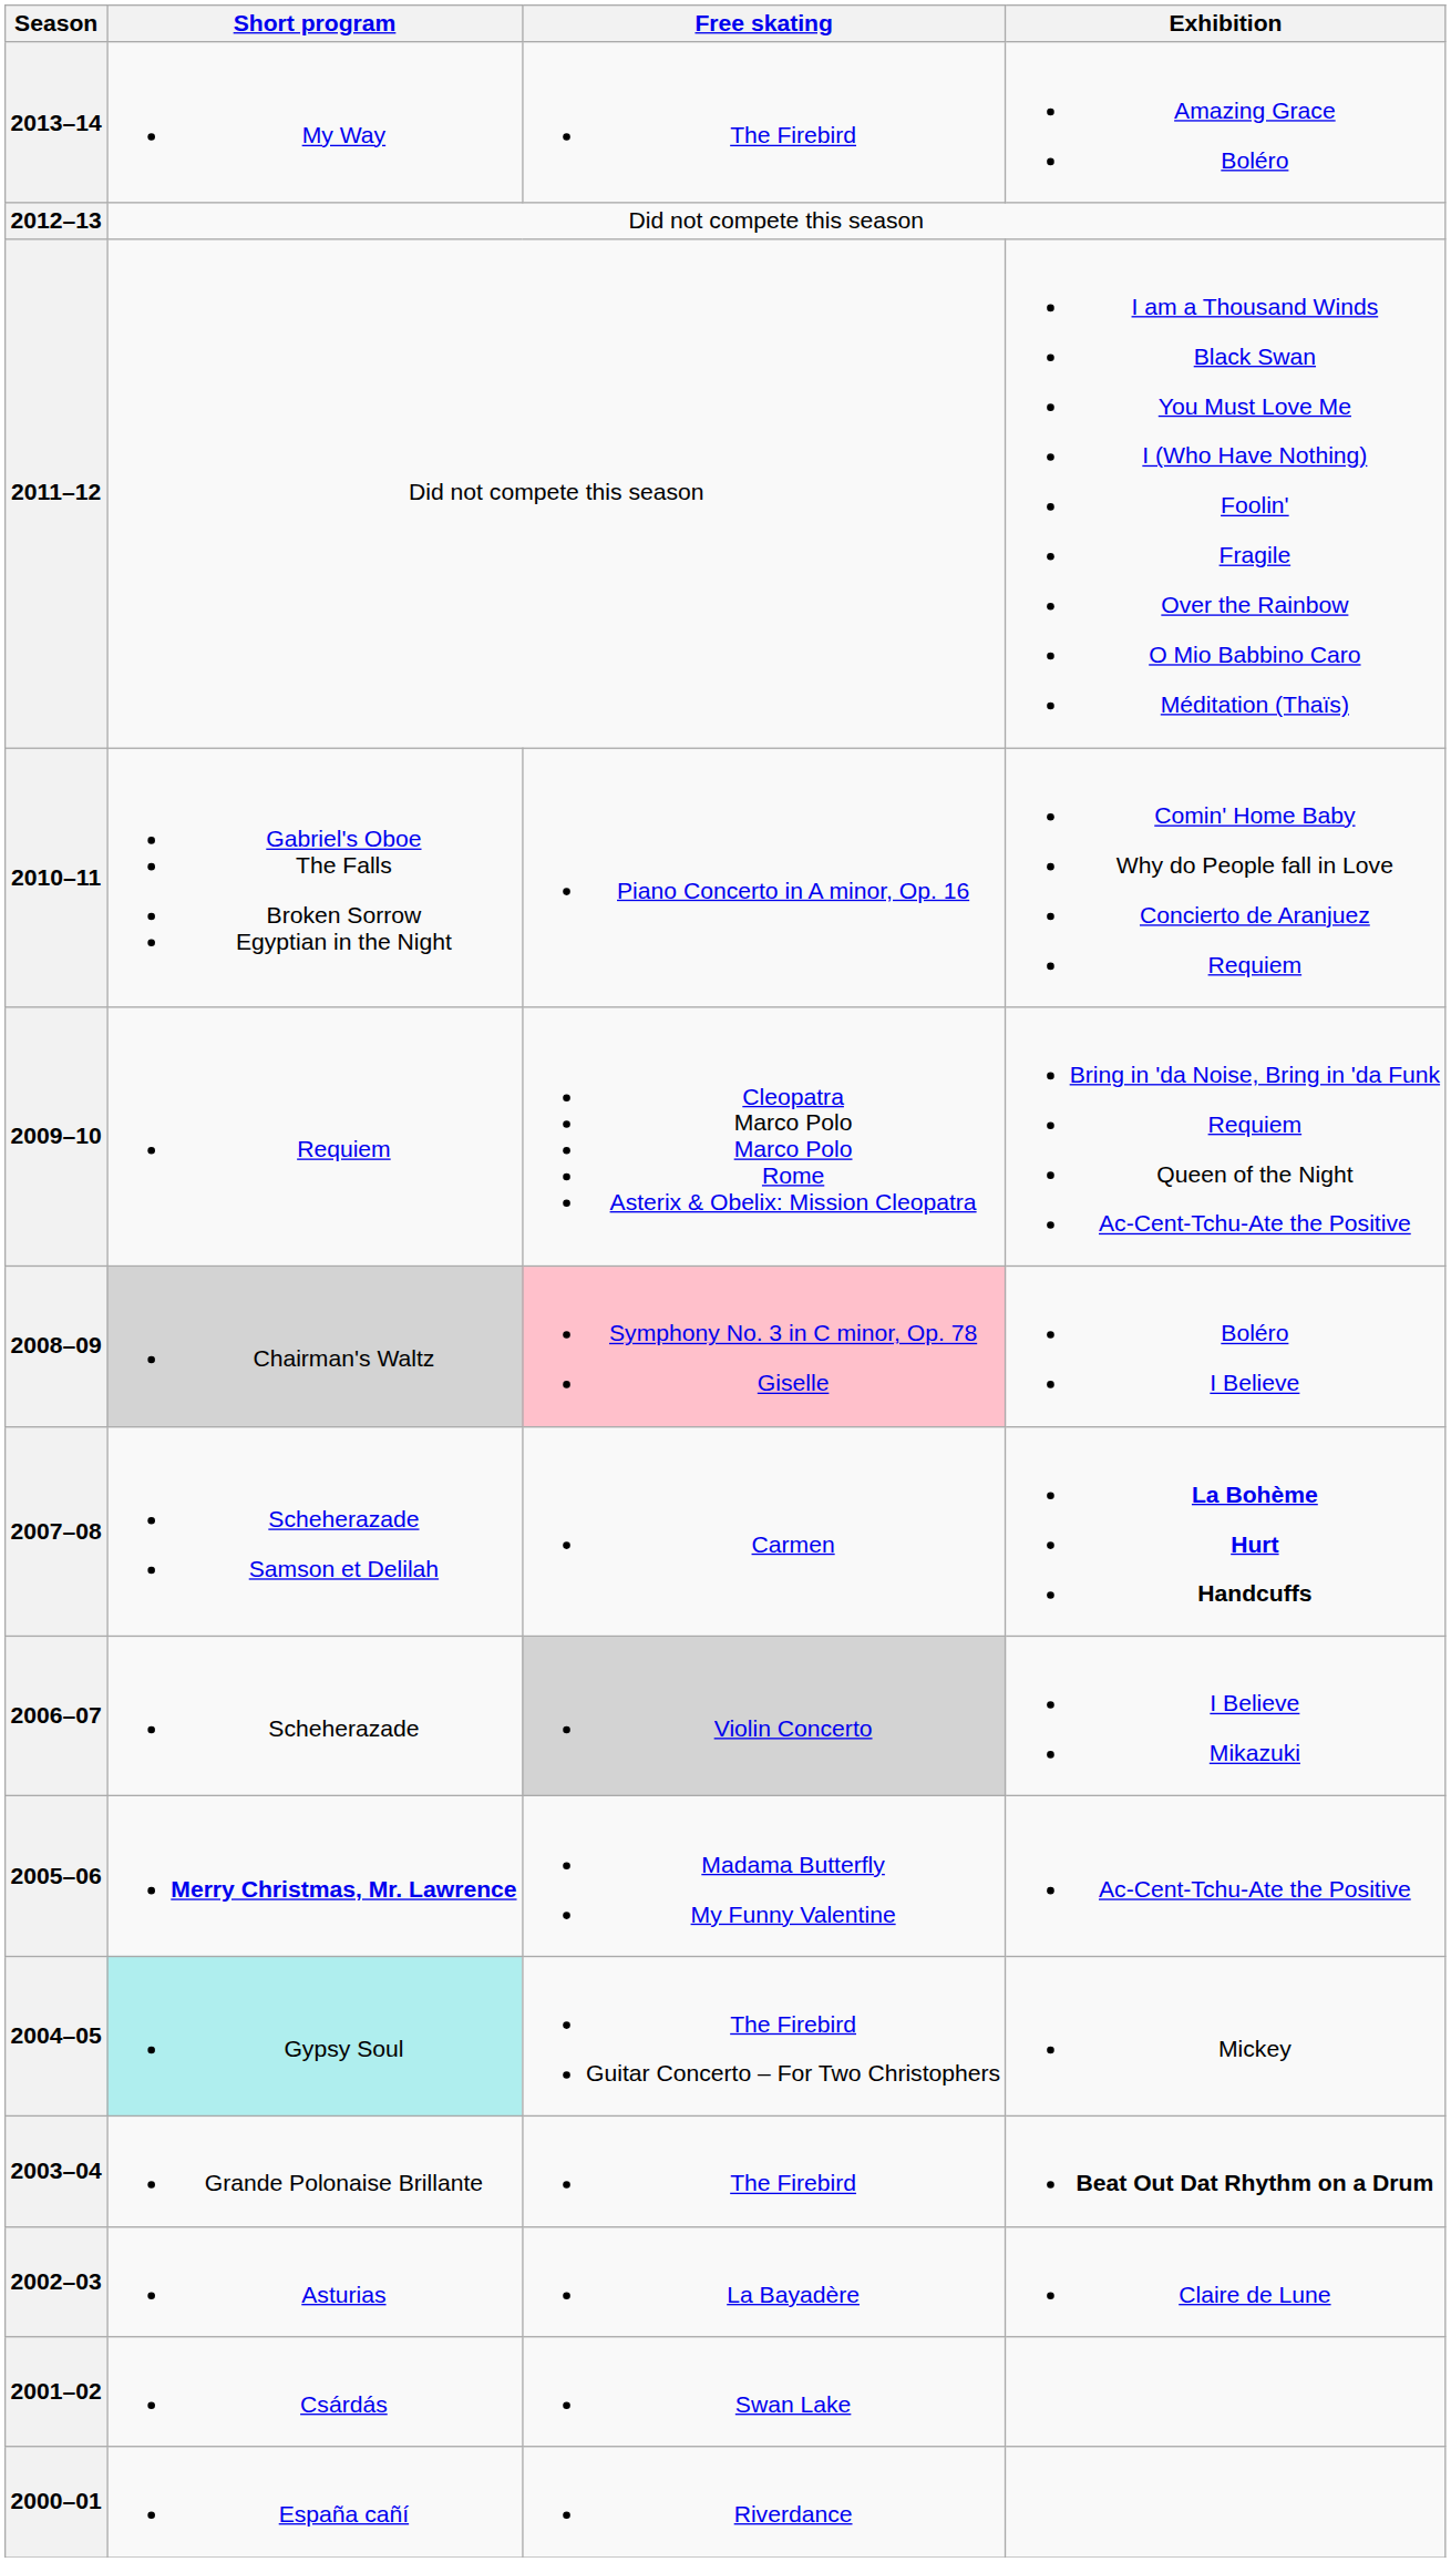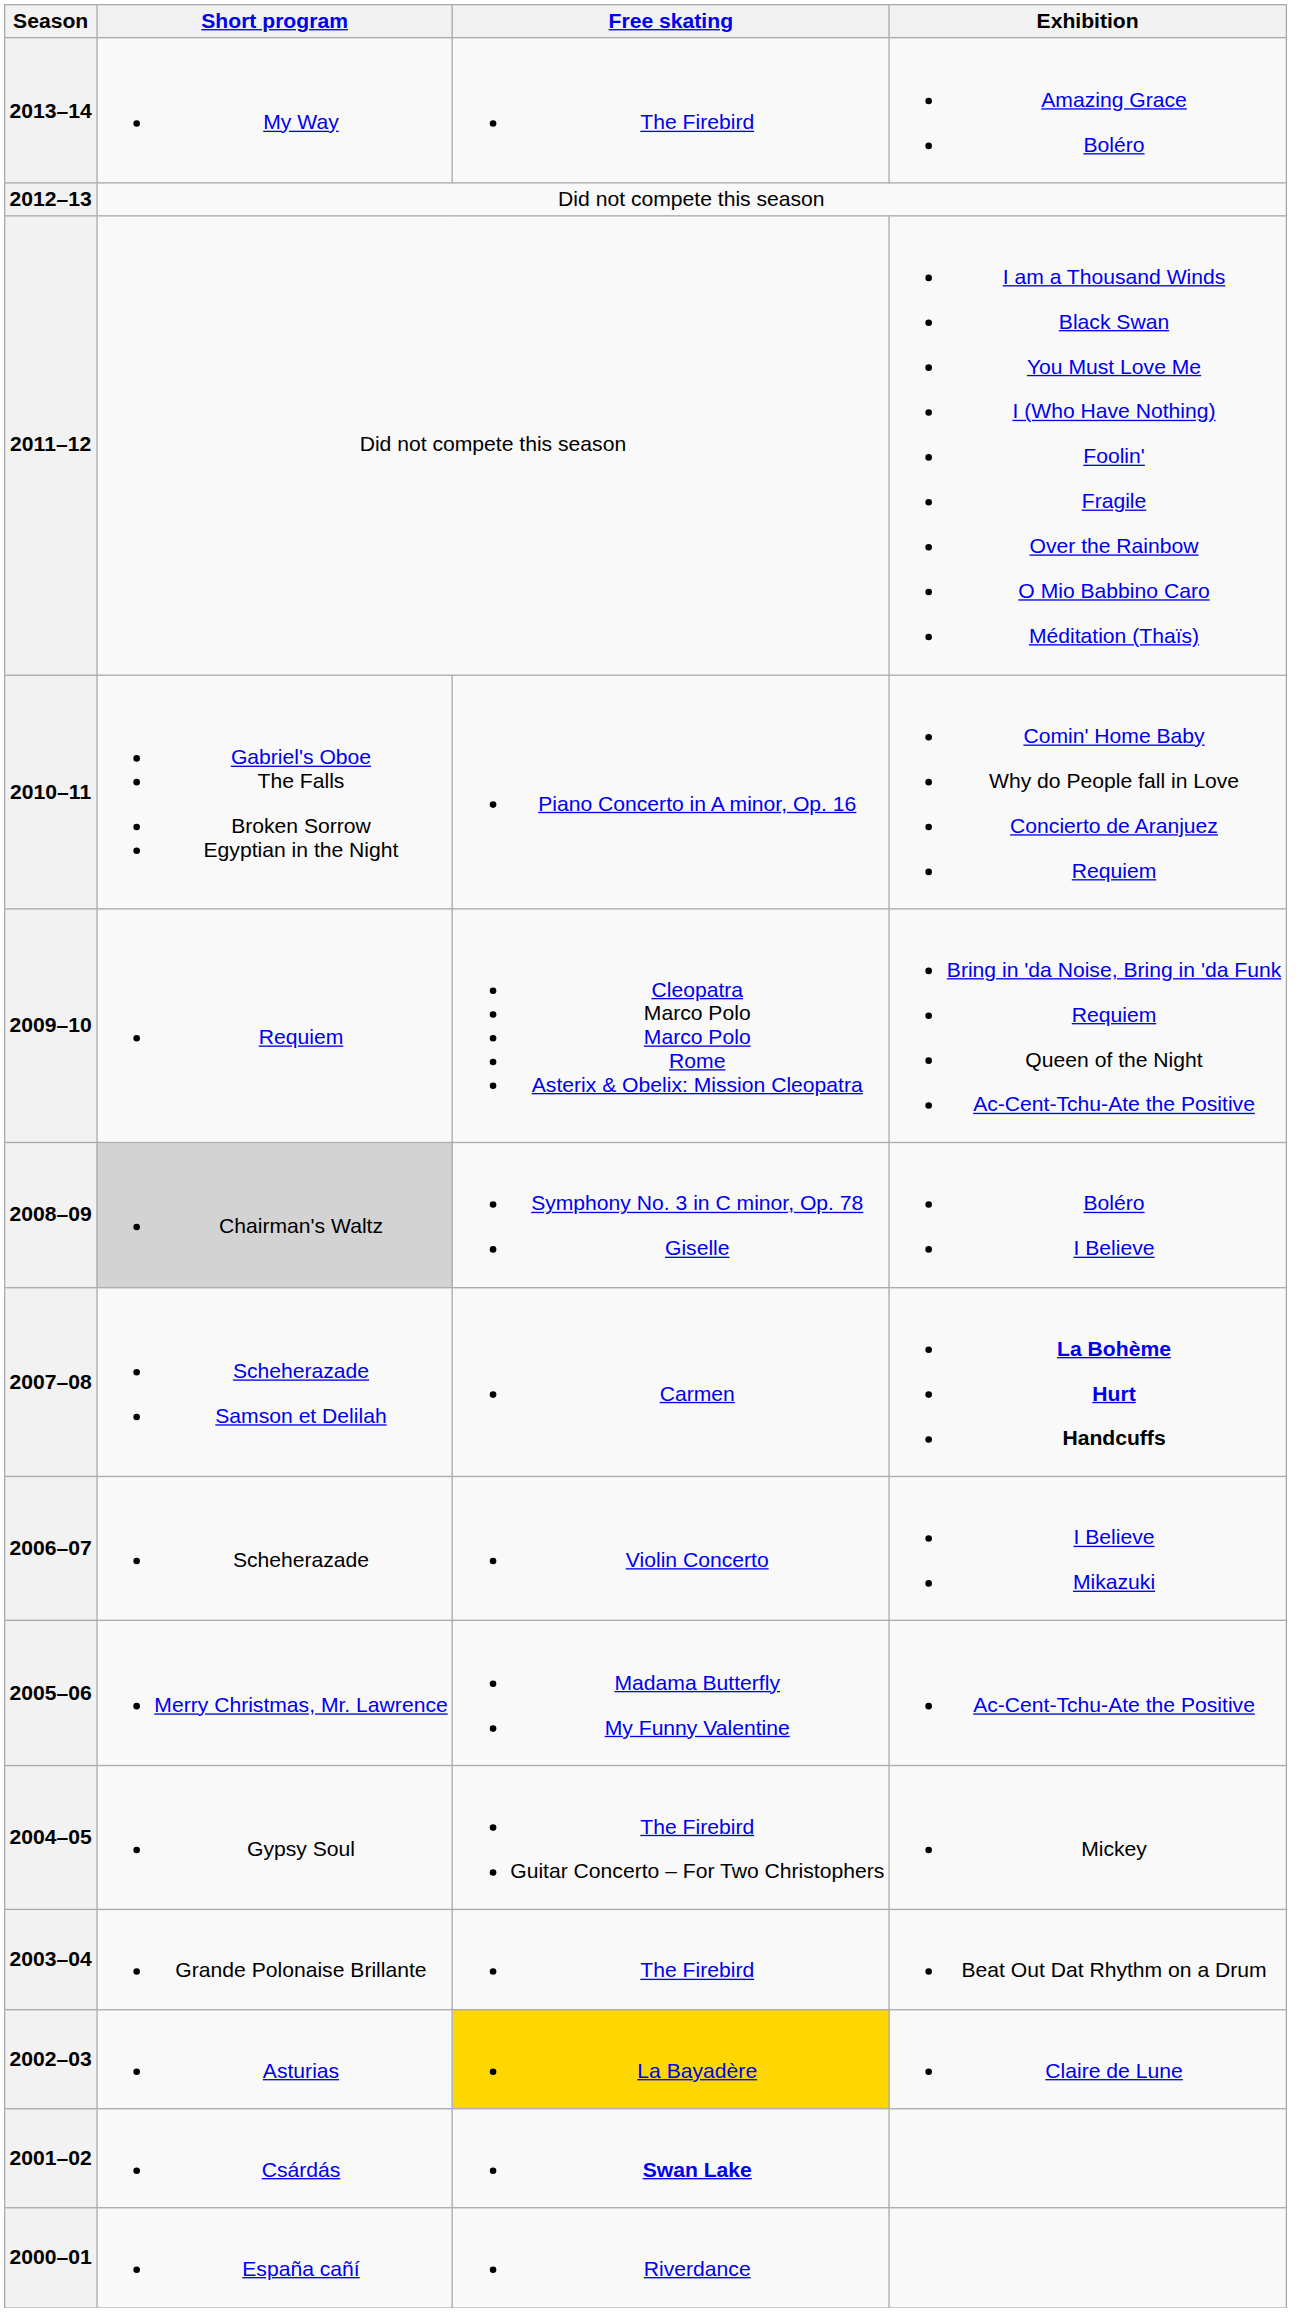 <table class="wikitable" style="text-align:center">
 <tr>
 <th>Season</th>
 <th><a href='#'>Short program</a></th>
 <th><a href='#'>Free skating</a></th>
 <th>Exhibition</th>
 </tr>
 <tr>
 <th>2013–14 <br> </th>
 <td><br><ul><li><a href='#'>My Way</a> <br></li></ul></td>
 <td><br><ul><li><a href='#'>The Firebird</a> <br></li></ul></td>
 <td><br><ul><li><a href='#'>Amazing Grace</a></li></ul><ul><li><a href='#'>Boléro</a> <br></li></ul></td>
 </tr>
 <tr>
 <th>2012–13</th>
 <td colspan=3>Did not compete this season</td>
 </tr>
 <tr>
 <th>2011–12</th>
 <td colspan=2>Did not compete this season</td>
 <td><br><ul><li><a href='#'>I am a Thousand Winds</a> <br></li></ul><ul><li><a href='#'>Black Swan</a> <br></li></ul><ul><li><a href='#'>You Must Love Me</a> <br></li></ul><ul><li><a href='#'>I (Who Have Nothing)</a> <br></li></ul><ul><li><a href='#'>Foolin'</a> <br></li></ul><ul><li><a href='#'>Fragile</a> <br></li></ul><ul><li><a href='#'>Over the Rainbow</a> <br></li></ul><ul><li><a href='#'>O Mio Babbino Caro</a> <br></li></ul><ul><li><a href='#'>Méditation (Thaïs)</a> <br></li></ul></td>
 </tr>
 <tr>
 <th>2010–11 <br> </th>
 <td><br><ul><li><a href='#'>Gabriel's Oboe</a></li><li>The Falls <br></li></ul><ul><li>Broken Sorrow</li><li>Egyptian in the Night <br></li></ul></td>
 <td><br><ul><li><a href='#'>Piano Concerto in A minor, Op. 16</a> <br></li></ul></td>
 <td><br><ul><li><a href='#'>Comin' Home Baby</a> <br></li></ul><ul><li>Why do People fall in Love <br></li></ul><ul><li><a href='#'>Concierto de Aranjuez</a> <br></li></ul><ul><li><a href='#'>Requiem</a> <br></li></ul></td>
 </tr>
 <tr>
 <th>2009–10 <br> </th>
 <td><br><ul><li><a href='#'>Requiem</a> <br></li></ul></td>
 <td><br><ul><li><a href='#'>Cleopatra</a></li><li>Marco Polo <br></li><li><a href='#'>Marco Polo</a> <br></li><li><a href='#'>Rome</a> <br></li><li><a href='#'>Asterix & Obelix: Mission Cleopatra</a> <br></li></ul></td>
 <td><br><ul><li><a href='#'>Bring in 'da Noise, Bring in 'da Funk</a></li></ul><ul><li><a href='#'>Requiem</a> <br></li></ul><ul><li>Queen of the Night <br></li></ul><ul><li><a href='#'>Ac-Cent-Tchu-Ate the Positive</a> <br></li></ul></td>
 </tr>
 <tr>
 <th>2008–09 <br> </th>
 <td style="background: lightgrey;"><br><ul><li>Chairman's Waltz <br></li></ul></td>
-<td style="background: pink;"><br><ul><li><a href='#'>Symphony No. 3 in C minor, Op. 78</a> <br></li></ul><ul><li><a href='#'>Giselle</a> <br></li></ul></td>
+<td><br><ul><li><a href='#'>Symphony No. 3 in C minor, Op. 78</a> <br></li></ul><ul><li><a href='#'>Giselle</a> <br></li></ul></td>
 <td><br><ul><li><a href='#'>Boléro</a> <br></li></ul><ul><li><a href='#'>I Believe</a> <br> </li></ul></td>
 </tr>
 <tr>
 <th>2007–08 <br> </th>
 <td><br><ul><li><a href='#'>Scheherazade</a> <br></li></ul><ul><li><a href='#'>Samson et Delilah</a> <br></li></ul></td>
 <td><br><ul><li><a href='#'>Carmen</a> <br></li></ul></td>
 <td><strong><br><ul><li><a href='#'>La Bohème</a> <br></li></ul><ul><li><a href='#'>Hurt</a> <br></li></ul><ul><li>Handcuffs <br></li></ul></strong></td>
 </tr>
 <tr>
 <th>2006–07 <br> </th>
 <td><br><ul><li>Scheherazade <br></li></ul></td>
-<td style="background: lightgrey;"><br><ul><li><a href='#'>Violin Concerto</a> <br></li></ul></td>
+<td><br><ul><li><a href='#'>Violin Concerto</a> <br></li></ul></td>
 <td><br><ul><li><a href='#'>I Believe</a> <br></li></ul><ul><li><a href='#'>Mikazuki</a> <br></li></ul></td>
 </tr>
 <tr>
 <th>2005–06 <br> </th>
-<td><strong><br><ul><li><a href='#'>Merry Christmas, Mr. Lawrence</a> <br></li></ul></strong></td>
+<td><br><ul><li><a href='#'>Merry Christmas, Mr. Lawrence</a> <br></li></ul></td>
 <td><br><ul><li><a href='#'>Madama Butterfly</a> <br></li></ul><ul><li><a href='#'>My Funny Valentine</a> <br></li></ul></td>
 <td><br><ul><li><a href='#'>Ac-Cent-Tchu-Ate the Positive</a> <br></li></ul></td>
 </tr>
 <tr>
 <th>2004–05 <br> </th>
-<td style="background: paleturquoise;"><br><ul><li>Gypsy Soul <br></li></ul></td>
+<td><br><ul><li>Gypsy Soul <br></li></ul></td>
 <td><br><ul><li><a href='#'>The Firebird</a> <br></li></ul><ul><li>Guitar Concerto – For Two Christophers <br></li></ul></td>
 <td><br><ul><li>Mickey <br> </li></ul></td>
 </tr>
 <tr>
 <th>2003–04 <br> </th>
 <td><br><ul><li>Grande Polonaise Brillante <br></li></ul></td>
 <td><br><ul><li><a href='#'>The Firebird</a> <br></li></ul></td>
-<td><strong><br><ul><li>Beat Out Dat Rhythm on a Drum <br></li></ul></strong></td>
+<td><br><ul><li>Beat Out Dat Rhythm on a Drum <br></li></ul></td>
 </tr>
 <tr>
 <th>2002–03 <br> </th>
 <td><br><ul><li><a href='#'>Asturias</a> <br></li></ul></td>
-<td><br><ul><li><a href='#'>La Bayadère</a> <br></li></ul></td>
+<td style="background: gold;"><br><ul><li><a href='#'>La Bayadère</a> <br></li></ul></td>
 <td><br><ul><li><a href='#'>Claire de Lune</a> <br></li></ul></td>
 </tr>
 <tr>
 <th>2001–02 <br> </th>
 <td><br><ul><li><a href='#'>Csárdás</a> <br></li></ul></td>
-<td><br><ul><li><a href='#'>Swan Lake</a> <br></li></ul></td>
+<td><strong><br><ul><li><a href='#'>Swan Lake</a> <br></li></ul></strong></td>
 <td></td>
 </tr>
 <tr>
 <th>2000–01</th>
 <td><br><ul><li><a href='#'>España cañí</a> <br></li></ul></td>
 <td><br><ul><li><a href='#'>Riverdance</a> <br></li></ul></td>
 <td></td>
 </tr>
 </table>
